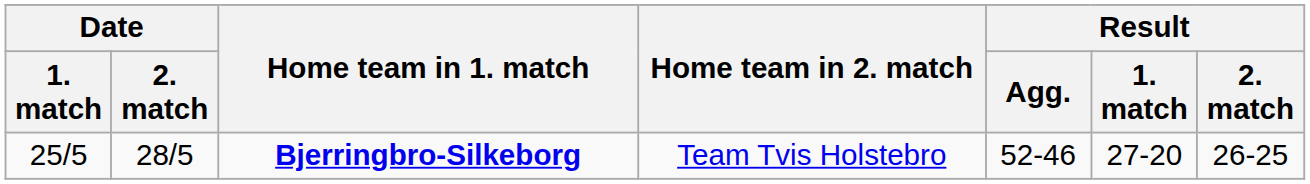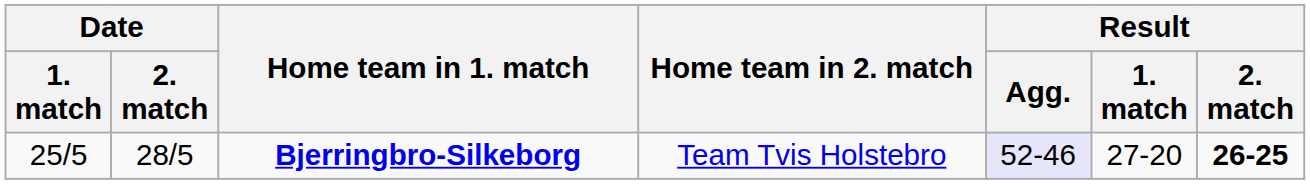 <table class="wikitable" style="text-align:center; margin-left:1em;">
 <tr>
 <th colspan="2">Date</th>
 <th rowspan="2" style="width:220px;">Home team in 1. match</th>
 <th rowspan="2" style="width:180px;">Home team in 2. match</th>
 <th colspan="3">Result</th>
 </tr>
 <tr>
 <th style="width:50px;">1. match</th>
 <th style="width:50px;">2. match</th>
 <th style="width:50px;">Agg.</th>
 <th style="width:50px;">1. match</th>
 <th style="width:50px;">2. match</th>
 </tr>
 <tr>
 <td>25/5</td>
 <td>28/5</td>
 <td><strong><a href='#'>Bjerringbro-Silkeborg</a></strong></td>
 <td><a href='#'>Team Tvis Holstebro</a></td>
-<td>52-46</td>
+<td style="background: lavender;">52-46</td>
 <td>27-20</td>
-<td>26-25</td>
+<td><strong>26-25</strong></td>
 </tr>
 </table>
